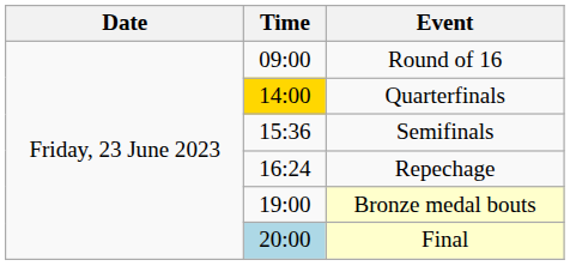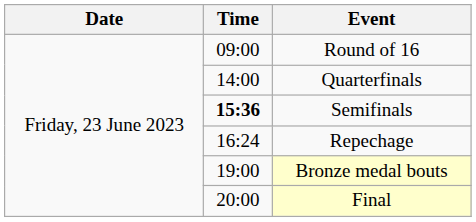 <table class = "wikitable" style="text-align:center;">
 <tr>
 <th width=160>Date</th>
 <th width=50>Time</th>
 <th width=160>Event</th>
 </tr>
 <tr>
 <td rowspan=6>Friday, 23 June 2023</td>
 <td>09:00</td>
 <td>Round of 16</td>
 </tr>
 <tr>
-<td style="background: gold;">14:00</td>
+<td>14:00</td>
 <td>Quarterfinals</td>
 </tr>
 <tr>
-<td>15:36</td>
+<td><strong>15:36</strong></td>
 <td>Semifinals</td>
 </tr>
 <tr>
 <td>16:24</td>
 <td>Repechage</td>
 </tr>
 <tr>
 <td>19:00</td>
 <td bgcolor=ffffcc>Bronze medal bouts</td>
 </tr>
 <tr>
-<td style="background: lightblue;">20:00</td>
+<td>20:00</td>
 <td bgcolor=ffffcc>Final</td>
 </tr>
 </table>
